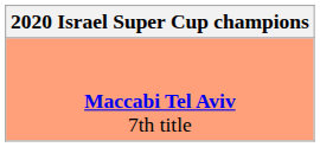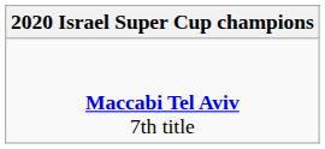 <table class=wikitable style="text-align:center; margin:auto">
 <tr>
 <th>2020 Israel Super Cup champions</th>
 </tr>
 <tr>
-<td style="background: lightsalmon;"><br><br> <strong><a href='#'>Maccabi Tel Aviv</a></strong><br>7th title</td>
+<td><br><br> <strong><a href='#'>Maccabi Tel Aviv</a></strong><br>7th title</td>
 </tr>
 </table>
